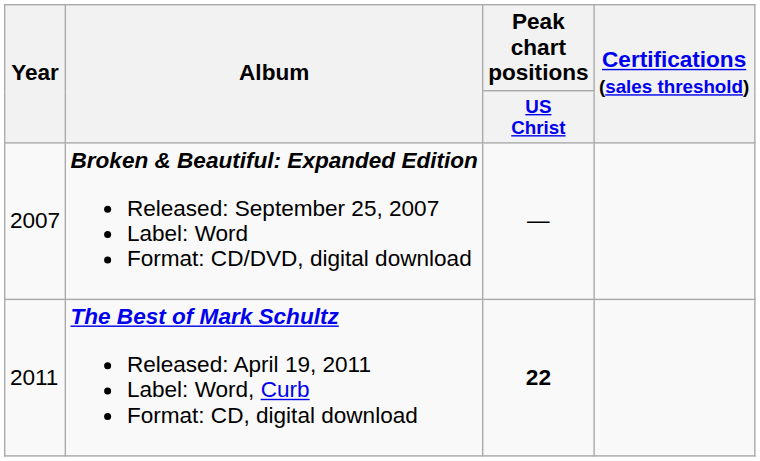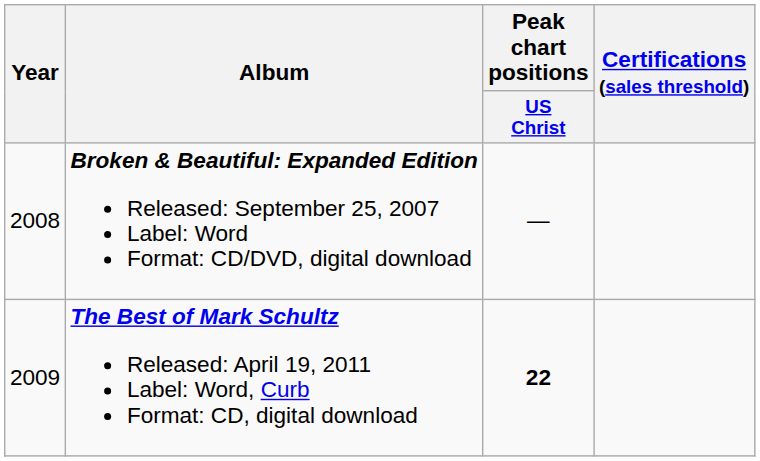 <table class="wikitable" style="text-align:left">
 <tr>
 <th rowspan="2">Year</th>
 <th rowspan="2">Album</th>
 <th>Peak chart positions</th>
 <th rowspan="2"><a href='#'>Certifications</a><br><small>(<a href='#'>sales threshold</a>)</small></th>
 </tr>
 <tr style="font-size:smaller;">
 <th style="width:30px;"><a href='#'>US<br>Christ</a></th>
 </tr>
 <tr>
-<td>2007</td>
+<td>2008</td>
 <td><strong><em>Broken & Beautiful: Expanded Edition</em></strong><br><ul><li>Released: September 25, 2007</li><li>Label: Word</li><li>Format: CD/DVD, digital download</li></ul></td>
 <td style="text-align:center;">—</td>
 <td style="text-align:left;"></td>
 </tr>
 <tr>
-<td>2011</td>
+<td>2009</td>
 <td><strong><em><a href='#'>The Best of Mark Schultz</a></em></strong><br><ul><li>Released: April 19, 2011</li><li>Label: Word, <a href='#'>Curb</a></li><li>Format: CD, digital download</li></ul></td>
 <td style="text-align:center;"><strong>22</strong></td>
 <td style="text-align:left;"></td>
 </tr>
 </table>
